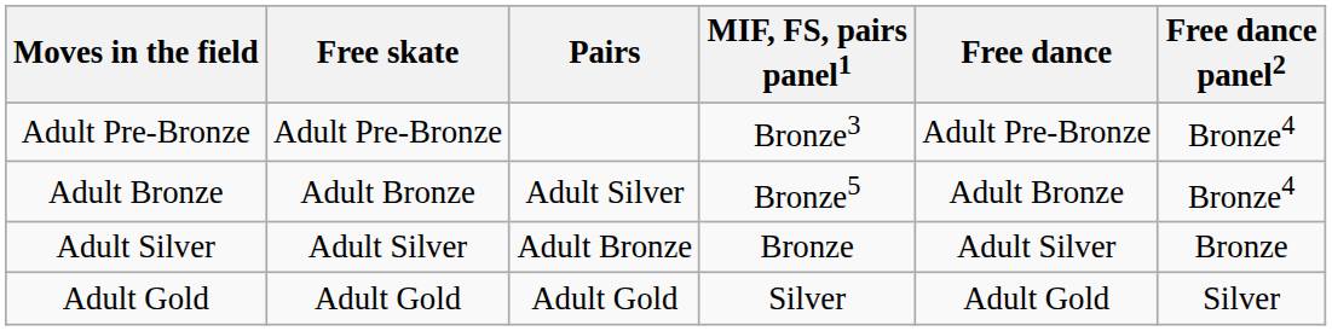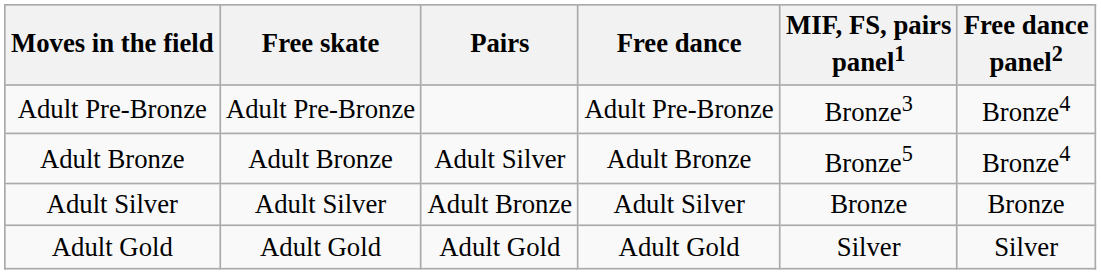 <table class="wikitable" style="text-align: center;">
 <tr style="background:#EFEFEF">
 <th>Moves in the field</th>
 <th>Free skate</th>
 <th>Pairs</th>
+<th>Free dance</th>
 <th>MIF, FS, pairs<br>panel<sup>1</sup></th>
-<th>Free dance</th>
 <th>Free dance<br>panel<sup>2</sup></th>
 </tr>
 <tr>
 <td>Adult Pre-Bronze</td>
 <td>Adult Pre-Bronze</td>
 <td></td>
+<td>Adult Pre-Bronze</td>
 <td>Bronze<sup>3</sup></td>
-<td>Adult Pre-Bronze</td>
 <td>Bronze<sup>4</sup></td>
 </tr>
 <tr>
 <td>Adult Bronze</td>
 <td>Adult Bronze</td>
 <td>Adult Silver</td>
+<td>Adult Bronze</td>
 <td>Bronze<sup>5</sup></td>
-<td>Adult Bronze</td>
 <td>Bronze<sup>4</sup></td>
 </tr>
 <tr>
 <td>Adult Silver</td>
 <td>Adult Silver</td>
 <td>Adult Bronze</td>
+<td>Adult Silver</td>
 <td>Bronze</td>
-<td>Adult Silver</td>
 <td>Bronze</td>
 </tr>
 <tr>
 <td>Adult Gold</td>
 <td>Adult Gold</td>
 <td>Adult Gold</td>
+<td>Adult Gold</td>
 <td>Silver</td>
-<td>Adult Gold</td>
 <td>Silver</td>
 </tr>
 </table>
